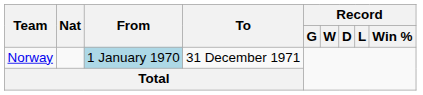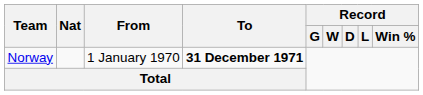 <table class="wikitable" style="text-align: center">
 <tr>
 <th rowspan="2">Team</th>
 <th rowspan="2">Nat</th>
 <th rowspan="2">From</th>
 <th rowspan="2">To</th>
 <th colspan="5">Record</th>
 </tr>
 <tr>
 <th>G</th>
 <th>W</th>
 <th>D</th>
 <th>L</th>
 <th>Win %</th>
 </tr>
 <tr>
 <td align=left><a href='#'>Norway</a></td>
 <td></td>
-<td align=left style="background: lightblue;">1 January 1970</td>
-<td align=left>31 December 1971<br></td>
+<td align=left>1 January 1970</td>
+<td align=left><strong>31 December 1971<br></strong></td>
 </tr>
 <tr>
 <th colspan="4">Total<br></th>
 </tr>
 </table>
